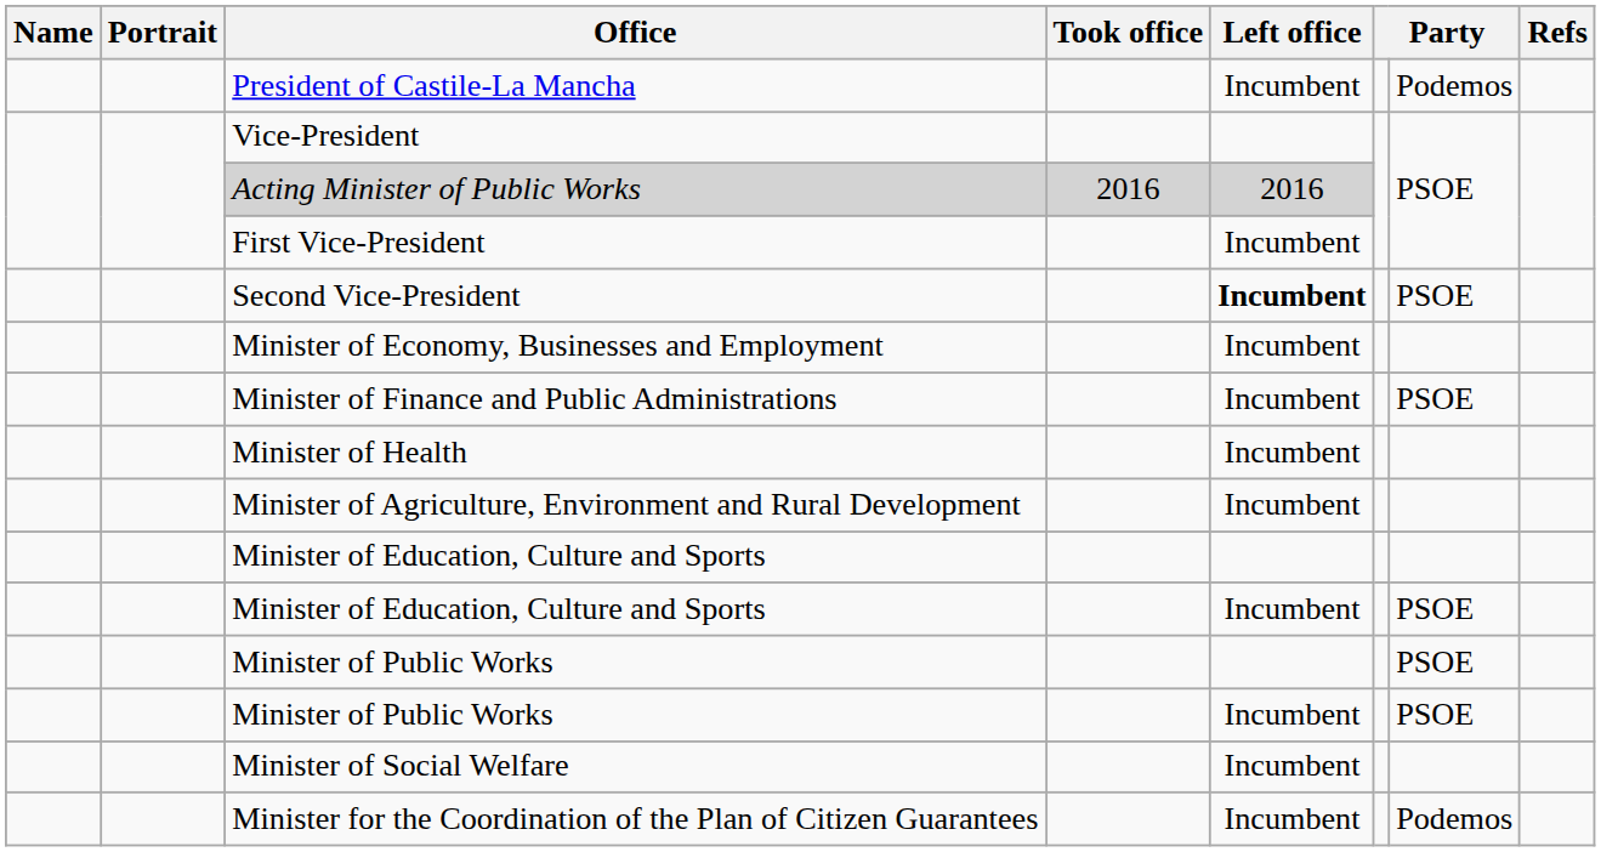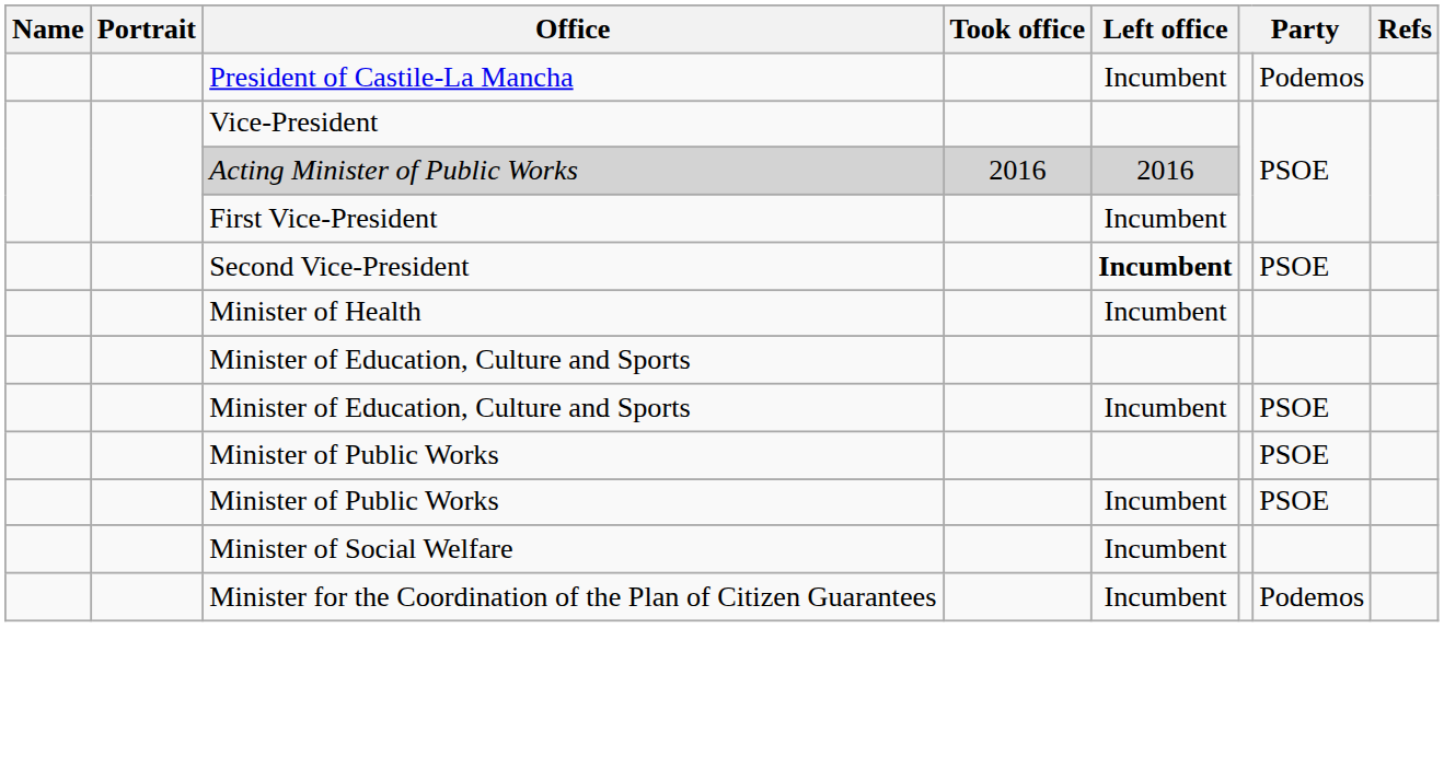 <table class="wikitable plainrowheaders sortable" style="font-size:90%; text-align:left;">
 <tr>
 <th scope=col>Name</th>
 <th scope=col>Portrait</th>
 <th scope=col>Office</th>
 <th scope=col>Took office</th>
 <th scope=col>Left office</th>
 <th scope=col class=unsortable colspan=2>Party</th>
 <th scope=col width=20px class=unsortable>Refs</th>
 </tr>
 <tr>
 <td></td>
 <td align=center></td>
 <td><a href='#'>President of Castile-La Mancha</a></td>
 <td align=center></td>
 <td align=center>Incumbent</td>
 <td !align="center" style="background:"></td>
 <td>Podemos</td>
 <td align=center></td>
 </tr>
 <tr>
 <td rowspan = 3></td>
 <td rowspan = 3></td>
 <td>Vice-President</td>
 <td align=center></td>
 <td align=center></td>
 <td !align="center" rowspan=3 style="background:"></td>
 <td rowspan = 3>PSOE</td>
 <td rowspan= 3 align=center></td>
 </tr>
 <tr>
 <td bgcolor = D3D3D3><em>Acting Minister of Public Works</em></td>
 <td align=center bgcolor = D3D3D3 align=center>2016</td>
 <td align=center bgcolor = D3D3D3 align=center>2016</td>
 </tr>
 <tr>
 <td>First Vice-President</td>
 <td align=center></td>
 <td align=center>Incumbent</td>
 </tr>
 <tr>
 <td></td>
 <td></td>
 <td>Second Vice-President</td>
 <td align=center></td>
 <td align=center><strong>Incumbent</strong></td>
 <td !align="center" style="background:"></td>
 <td>PSOE</td>
 <td align=center></td>
 </tr>
 <tr>
 <td></td>
 <td></td>
-<td>Minister of Economy, Businesses and Employment</td>
-<td align=center></td>
-<td align=center>Incumbent</td>
-<td !align="center" style="background:"></td>
-<td></td>
-<td align=center></td>
-</tr>
-<tr>
-<td></td>
-<td></td>
-<td>Minister of Finance and Public Administrations</td>
-<td align=center></td>
-<td align=center>Incumbent</td>
-<td !align="center" style="background:"></td>
-<td>PSOE</td>
-<td align=center></td>
-</tr>
-<tr>
-<td></td>
-<td></td>
 <td>Minister of Health</td>
-<td align=center></td>
-<td align=center>Incumbent</td>
-<td !align="center" style="background:D9D9D9;"></td>
-<td></td>
-<td align=center></td>
-</tr>
-<tr>
-<td></td>
-<td></td>
-<td>Minister of Agriculture, Environment and Rural Development</td>
 <td align=center></td>
 <td align=center>Incumbent</td>
 <td !align="center" style="background:D9D9D9;"></td>
 <td></td>
 <td align=center></td>
 </tr>
 <tr>
 <td></td>
 <td></td>
 <td>Minister of Education, Culture and Sports</td>
 <td align=center></td>
 <td align=center></td>
 <td !align="center" style="background:D9D9D9;"></td>
 <td></td>
 <td align=center></td>
 </tr>
 <tr>
 <td></td>
 <td></td>
 <td>Minister of Education, Culture and Sports</td>
 <td align=center></td>
 <td align=center>Incumbent</td>
 <td !align="center" style="background:"></td>
 <td>PSOE</td>
 <td align=center></td>
 </tr>
 <tr>
 <td></td>
 <td></td>
 <td>Minister of Public Works</td>
 <td align=center></td>
 <td align=center></td>
 <td !align="center" style="background:"></td>
 <td>PSOE</td>
 <td align=center></td>
 </tr>
 <tr>
 <td></td>
 <td></td>
 <td>Minister of Public Works</td>
 <td align=center></td>
 <td align=center>Incumbent</td>
 <td !align="center" style="background:"></td>
 <td>PSOE</td>
 <td align=center></td>
 </tr>
 <tr>
 <td></td>
 <td></td>
 <td>Minister of Social Welfare</td>
 <td align=center></td>
 <td align=center>Incumbent</td>
 <td !align="center" style="background:D9D9D9;"></td>
 <td></td>
 <td align=center></td>
 </tr>
 <tr>
 <td></td>
 <td></td>
 <td>Minister for the Coordination of the Plan of Citizen Guarantees</td>
 <td align=center></td>
 <td align=center>Incumbent</td>
 <td !align="center" style="background:"></td>
 <td>Podemos</td>
 <td align=center></td>
 </tr>
 </table>
